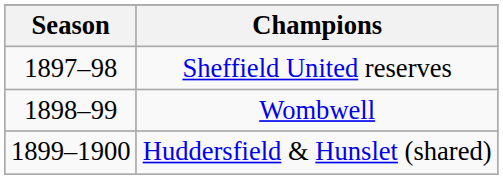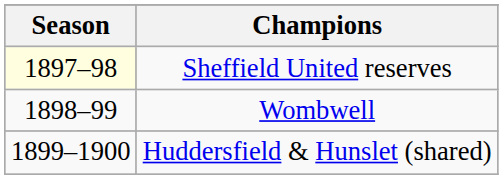 <table class="wikitable" style="text-align: center">
 <tr>
 </tr>
 <tr>
 <th>Season</th>
 <th>Champions</th>
 </tr>
 <tr>
-<td>1897–98</td>
+<td style="background: lightyellow;">1897–98</td>
 <td><a href='#'>Sheffield United</a> reserves</td>
 </tr>
 <tr>
 <td>1898–99</td>
 <td><a href='#'>Wombwell</a></td>
 </tr>
 <tr>
 <td>1899–1900</td>
 <td><a href='#'>Huddersfield</a> & <a href='#'>Hunslet</a> (shared)</td>
 </tr>
 </table>
